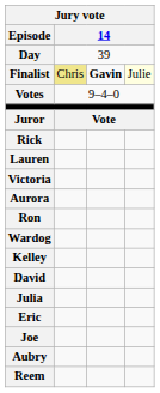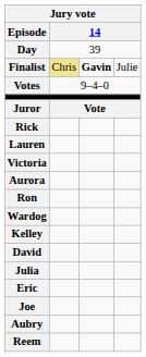 <table class="wikitable nowrap" style="text-align:center; font-size:100%">
 <tr>
 <th colspan="4">Jury vote</th>
 </tr>
 <tr>
 <th>Episode</th>
 <th colspan="3"><a href='#'>14</a></th>
 </tr>
 <tr>
 <th>Day</th>
 <td colspan="3">39</td>
 </tr>
 <tr>
 <th>Finalist</th>
 <td style="background: khaki;">Chris</td>
 <td><strong>Gavin</strong></td>
-<td style="background: lightyellow;">Julie</td>
+<td>Julie</td>
 </tr>
 <tr>
 <th>Votes</th>
 <td colspan="3">9–4–0</td>
 </tr>
 <tr>
 <th colspan="5" style="background:black;"></th>
 </tr>
 <tr>
 <th>Juror</th>
 <th colspan="4">Vote</th>
 </tr>
 <tr>
 <th>Rick</th>
 <td></td>
 <td></td>
 <td></td>
 </tr>
 <tr>
 <th>Lauren</th>
 <td></td>
 <td></td>
 <td></td>
 </tr>
 <tr>
 <th>Victoria</th>
 <td></td>
 <td></td>
 <td></td>
 </tr>
 <tr>
 <th>Aurora</th>
 <td></td>
 <td></td>
 <td></td>
 </tr>
 <tr>
 <th>Ron</th>
 <td></td>
 <td></td>
 <td></td>
 </tr>
 <tr>
 <th>Wardog</th>
 <td></td>
 <td></td>
 <td></td>
 </tr>
 <tr>
 <th>Kelley</th>
 <td></td>
 <td></td>
 <td></td>
 </tr>
 <tr>
 <th>David</th>
 <td></td>
 <td></td>
 <td></td>
 </tr>
 <tr>
 <th>Julia</th>
 <td></td>
 <td></td>
 <td></td>
 </tr>
 <tr>
 <th>Eric</th>
 <td></td>
 <td></td>
 <td></td>
 </tr>
 <tr>
 <th>Joe</th>
 <td></td>
 <td></td>
 <td></td>
 </tr>
 <tr>
 <th>Aubry</th>
 <td></td>
 <td></td>
 <td></td>
 </tr>
 <tr>
 <th>Reem</th>
 <td></td>
 <td></td>
 <td></td>
 </tr>
 </table>
